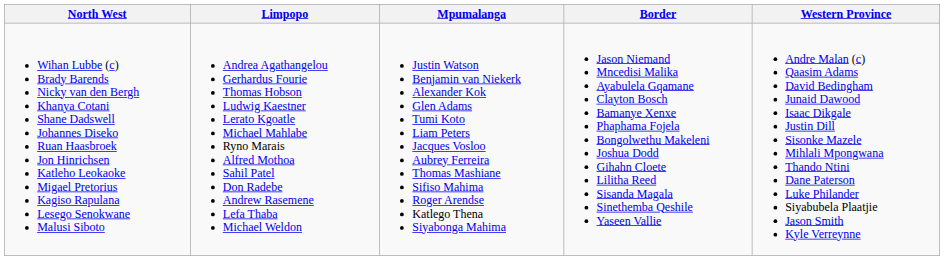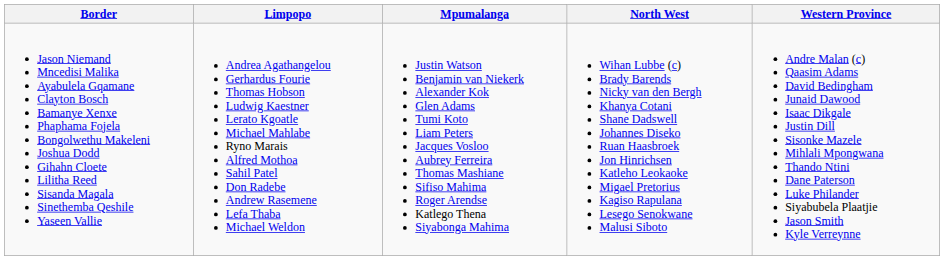 <table class="wikitable">
 <tr>
-<th width=300><a href='#'>North West</a></th>
+<th width=300><a href='#'>Border</a></th>
 <th width=300><a href='#'>Limpopo</a></th>
 <th width=300><a href='#'>Mpumalanga</a></th>
-<th width=300><a href='#'>Border</a></th>
+<th width=300><a href='#'>North West</a></th>
 <th width=300><a href='#'>Western Province</a></th>
 </tr>
 <tr>
-<td><br><ul><li><a href='#'>Wihan Lubbe</a> (<a href='#'>c</a>)</li><li><a href='#'>Brady Barends</a></li><li><a href='#'>Nicky van den Bergh</a></li><li><a href='#'>Khanya Cotani</a></li><li><a href='#'>Shane Dadswell</a></li><li><a href='#'>Johannes Diseko</a></li><li><a href='#'>Ruan Haasbroek</a></li><li><a href='#'>Jon Hinrichsen</a></li><li><a href='#'>Katleho Leokaoke</a></li><li><a href='#'>Migael Pretorius</a></li><li><a href='#'>Kagiso Rapulana</a></li><li><a href='#'>Lesego Senokwane</a></li><li><a href='#'>Malusi Siboto</a></li></ul></td>
+<td valign=top><br><ul><li><a href='#'>Jason Niemand</a></li><li><a href='#'>Mncedisi Malika</a></li><li><a href='#'>Ayabulela Gqamane</a></li><li><a href='#'>Clayton Bosch</a></li><li><a href='#'>Bamanye Xenxe</a></li><li><a href='#'>Phaphama Fojela</a></li><li><a href='#'>Bongolwethu Makeleni</a></li><li><a href='#'>Joshua Dodd</a></li><li><a href='#'>Gihahn Cloete</a></li><li><a href='#'>Lilitha Reed</a></li><li><a href='#'>Sisanda Magala</a></li><li><a href='#'>Sinethemba Qeshile</a></li><li><a href='#'>Yaseen Vallie</a></li></ul></td>
 <td><br><ul><li><a href='#'>Andrea Agathangelou</a></li><li><a href='#'>Gerhardus Fourie</a></li><li><a href='#'>Thomas Hobson</a></li><li><a href='#'>Ludwig Kaestner</a></li><li><a href='#'>Lerato Kgoatle</a></li><li><a href='#'>Michael Mahlabe</a></li><li>Ryno Marais</li><li><a href='#'>Alfred Mothoa</a></li><li><a href='#'>Sahil Patel</a></li><li><a href='#'>Don Radebe</a></li><li><a href='#'>Andrew Rasemene</a></li><li><a href='#'>Lefa Thaba</a></li><li><a href='#'>Michael Weldon</a></li></ul></td>
 <td><br><ul><li><a href='#'>Justin Watson</a></li><li><a href='#'>Benjamin van Niekerk</a></li><li><a href='#'>Alexander Kok</a></li><li><a href='#'>Glen Adams</a></li><li><a href='#'>Tumi Koto</a></li><li><a href='#'>Liam Peters</a></li><li><a href='#'>Jacques Vosloo</a></li><li><a href='#'>Aubrey Ferreira</a></li><li><a href='#'>Thomas Mashiane</a></li><li><a href='#'>Sifiso Mahima</a></li><li><a href='#'>Roger Arendse</a></li><li>Katlego Thena</li><li><a href='#'>Siyabonga Mahima</a></li></ul></td>
-<td valign=top><br><ul><li><a href='#'>Jason Niemand</a></li><li><a href='#'>Mncedisi Malika</a></li><li><a href='#'>Ayabulela Gqamane</a></li><li><a href='#'>Clayton Bosch</a></li><li><a href='#'>Bamanye Xenxe</a></li><li><a href='#'>Phaphama Fojela</a></li><li><a href='#'>Bongolwethu Makeleni</a></li><li><a href='#'>Joshua Dodd</a></li><li><a href='#'>Gihahn Cloete</a></li><li><a href='#'>Lilitha Reed</a></li><li><a href='#'>Sisanda Magala</a></li><li><a href='#'>Sinethemba Qeshile</a></li><li><a href='#'>Yaseen Vallie</a></li></ul></td>
+<td><br><ul><li><a href='#'>Wihan Lubbe</a> (<a href='#'>c</a>)</li><li><a href='#'>Brady Barends</a></li><li><a href='#'>Nicky van den Bergh</a></li><li><a href='#'>Khanya Cotani</a></li><li><a href='#'>Shane Dadswell</a></li><li><a href='#'>Johannes Diseko</a></li><li><a href='#'>Ruan Haasbroek</a></li><li><a href='#'>Jon Hinrichsen</a></li><li><a href='#'>Katleho Leokaoke</a></li><li><a href='#'>Migael Pretorius</a></li><li><a href='#'>Kagiso Rapulana</a></li><li><a href='#'>Lesego Senokwane</a></li><li><a href='#'>Malusi Siboto</a></li></ul></td>
 <td><br><ul><li><a href='#'>Andre Malan</a> (<a href='#'>c</a>)</li><li><a href='#'>Qaasim Adams</a></li><li><a href='#'>David Bedingham</a></li><li><a href='#'>Junaid Dawood</a></li><li><a href='#'>Isaac Dikgale</a></li><li><a href='#'>Justin Dill</a></li><li><a href='#'>Sisonke Mazele</a></li><li><a href='#'>Mihlali Mpongwana</a></li><li><a href='#'>Thando Ntini</a></li><li><a href='#'>Dane Paterson</a></li><li><a href='#'>Luke Philander</a></li><li>Siyabubela Plaatjie</li><li><a href='#'>Jason Smith</a></li><li><a href='#'>Kyle Verreynne</a></li></ul></td>
 </tr>
 </table>
